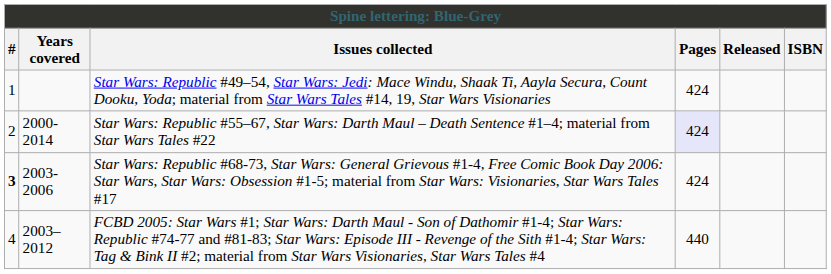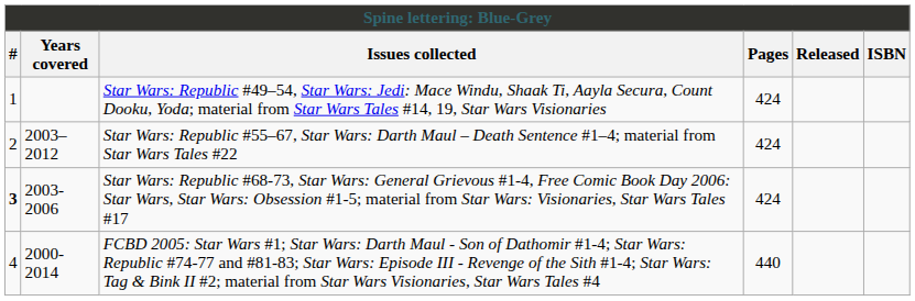 <table class="wikitable sortable" width=98%>
 <tr>
 <th colspan=6 style="background-color: #31312D; color: #306670;">Spine lettering: Blue-Grey</th>
 </tr>
 <tr>
 <th class="unsortable">#</th>
 <th>Years covered</th>
 <th class="unsortable">Issues collected</th>
 <th class="unsortable">Pages</th>
 <th>Released</th>
 <th class="unsortable">ISBN</th>
 </tr>
 <tr>
 <td>1</td>
 <td></td>
 <td><em><a href='#'>Star Wars: Republic</a></em> #49–54, <em><a href='#'>Star Wars: Jedi</a>: Mace Windu</em>, <em>Shaak Ti</em>, <em>Aayla Secura</em>, <em>Count Dooku</em>, <em>Yoda</em>; material from <em><a href='#'>Star Wars Tales</a></em> #14, 19, <em>Star Wars Visionaries</em></td>
 <td style="text-align: center;">424</td>
 <td></td>
 <td></td>
 </tr>
 <tr>
 <td>2</td>
-<td>2000-2014</td>
+<td>2003–2012</td>
 <td><em>Star Wars: Republic</em> #55–67, <em>Star Wars: Darth Maul – Death Sentence</em> #1–4; material from <em>Star Wars Tales</em> #22</td>
-<td style="background: lavender; text-align: center;">424</td>
+<td style="text-align: center;">424</td>
 <td></td>
 <td></td>
 </tr>
 <tr>
 <td><strong>3</strong></td>
 <td>2003-2006</td>
 <td><em>Star Wars: Republic</em> #68-73, <em>Star Wars: General Grievous</em> #1-4, <em>Free Comic Book Day 2006: Star Wars</em>, <em>Star Wars: Obsession</em> #1-5; material from <em>Star Wars: Visionaries</em>, <em>Star Wars Tales</em> #17</td>
 <td style="text-align: center;">424</td>
 <td></td>
 <td></td>
 </tr>
 <tr>
 <td>4</td>
-<td>2003–2012</td>
+<td>2000-2014</td>
 <td><em>FCBD 2005: Star Wars</em> #1; <em>Star Wars: Darth Maul - Son of Dathomir</em> #1-4; <em>Star Wars: Republic</em> #74-77 and #81-83; <em>Star Wars: Episode III - Revenge of the Sith</em> #1-4; <em>Star Wars: Tag & Bink II</em> #2; material from <em>Star Wars Visionaries</em>, <em>Star Wars Tales</em> #4</td>
 <td style="text-align: center;">440</td>
 <td></td>
 <td></td>
 </tr>
 </table>
